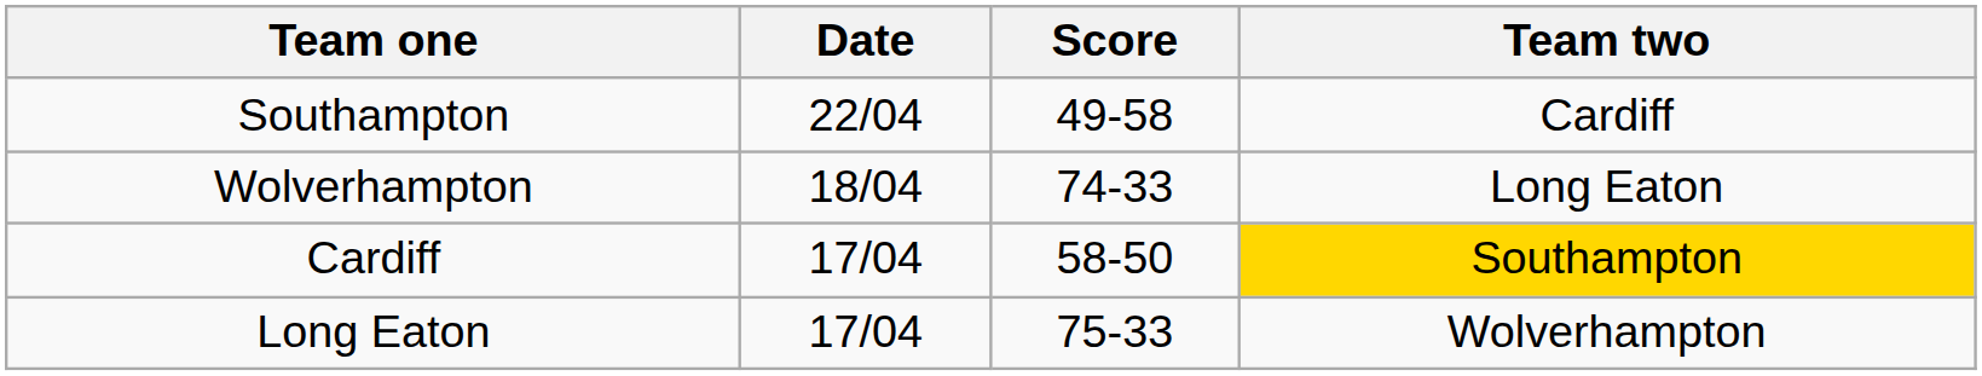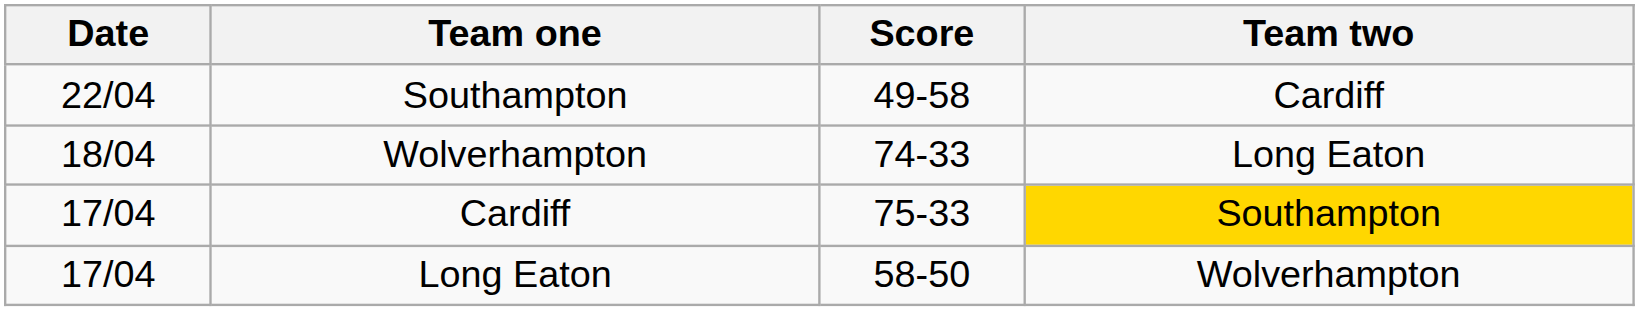 <table class="wikitable" style="text-align: center">
 <tr>
+<th width=80>Date</th>
 <th width=250>Team one</th>
-<th width=80>Date</th>
 <th width=80>Score</th>
 <th width=250>Team two</th>
 </tr>
 <tr>
+<td>22/04</td>
 <td>Southampton</td>
-<td>22/04</td>
 <td>49-58</td>
 <td>Cardiff</td>
 </tr>
 <tr>
+<td>18/04</td>
 <td>Wolverhampton</td>
-<td>18/04</td>
 <td>74-33</td>
 <td>Long Eaton</td>
 </tr>
 <tr>
+<td>17/04</td>
 <td>Cardiff</td>
-<td>17/04</td>
-<td>58-50</td>
+<td>75-33</td>
 <td style="background: gold;">Southampton</td>
 </tr>
 <tr>
+<td>17/04</td>
 <td>Long Eaton</td>
-<td>17/04</td>
-<td>75-33</td>
+<td>58-50</td>
 <td>Wolverhampton</td>
 </tr>
 </table>
